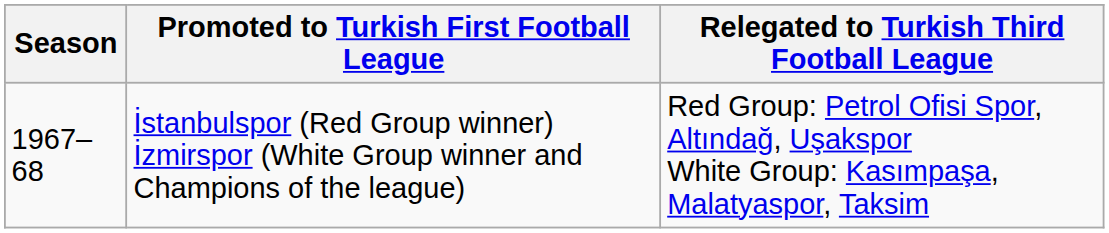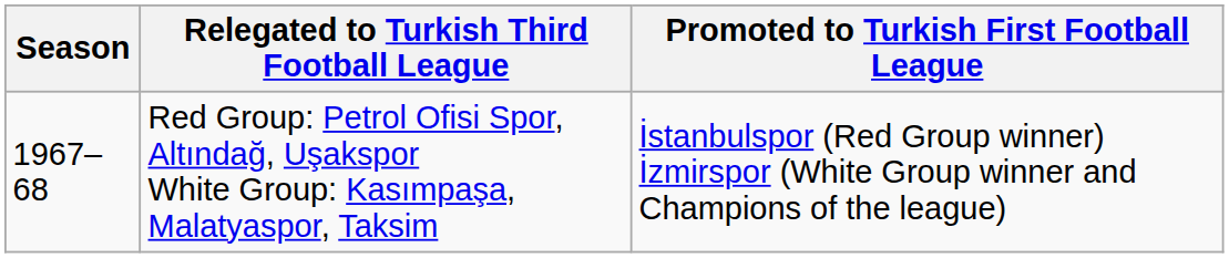 <table class="wikitable">
 <tr>
 <th>Season</th>
+<th>Relegated to <a href='#'>Turkish Third Football League</a></th>
 <th>Promoted to <a href='#'>Turkish First Football League</a></th>
-<th>Relegated to <a href='#'>Turkish Third Football League</a></th>
 </tr>
 <tr>
 <td>1967–68</td>
+<td>Red Group: <a href='#'>Petrol Ofisi Spor</a>, <a href='#'>Altındağ</a>, <a href='#'>Uşakspor</a><br>White Group: <a href='#'>Kasımpaşa</a>, <a href='#'>Malatyaspor</a>, <a href='#'>Taksim</a></td>
 <td><a href='#'>İstanbulspor</a> (Red Group winner)<br><a href='#'>İzmirspor</a> (White Group winner and Champions of the league)</td>
-<td>Red Group: <a href='#'>Petrol Ofisi Spor</a>, <a href='#'>Altındağ</a>, <a href='#'>Uşakspor</a><br>White Group: <a href='#'>Kasımpaşa</a>, <a href='#'>Malatyaspor</a>, <a href='#'>Taksim</a></td>
 </tr>
 </table>
